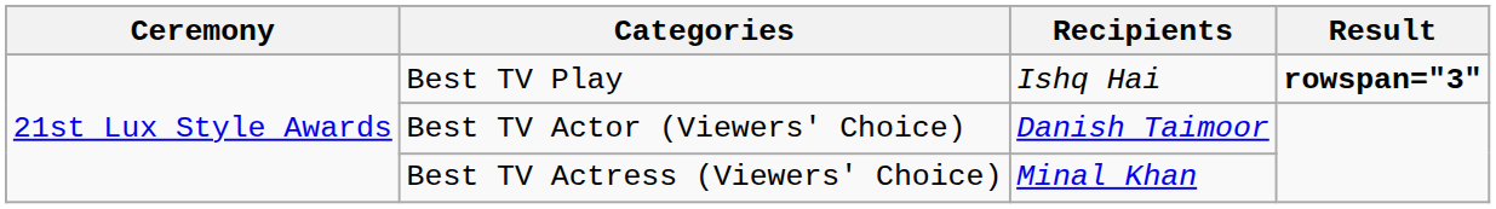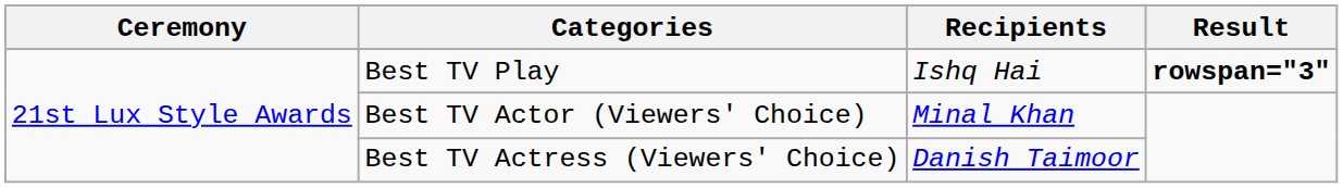 <table class="wikitable style">
 <tr>
 <th>Ceremony</th>
 <th>Categories</th>
 <th>Recipients</th>
 <th>Result</th>
 </tr>
 <tr>
 <td Rowspan="3"><a href='#'>21st Lux Style Awards</a></td>
 <td>Best TV Play</td>
 <td><em>Ishq Hai</em></td>
 <td><strong>rowspan="3" </strong></td>
 </tr>
 <tr>
 <td>Best TV Actor (Viewers' Choice)</td>
-<td><em><a href='#'>Danish Taimoor</a></em></td>
+<td><em><a href='#'>Minal Khan</a></em></td>
 </tr>
 <tr>
 <td>Best TV Actress (Viewers' Choice)</td>
-<td><em><a href='#'>Minal Khan</a></em></td>
+<td><em><a href='#'>Danish Taimoor</a></em></td>
 </tr>
 </table>
